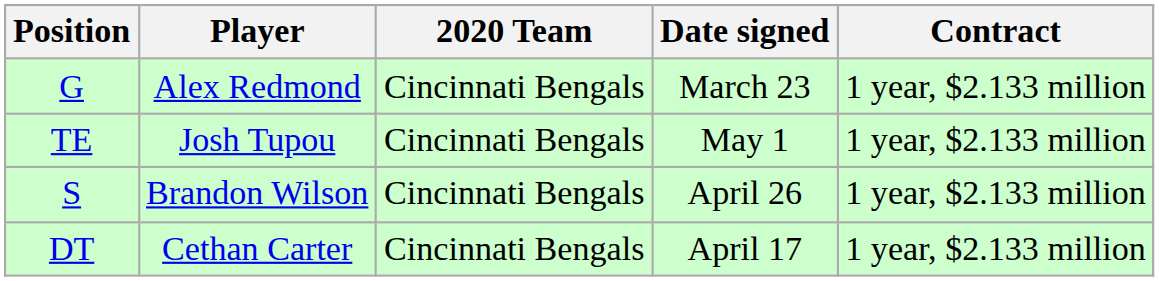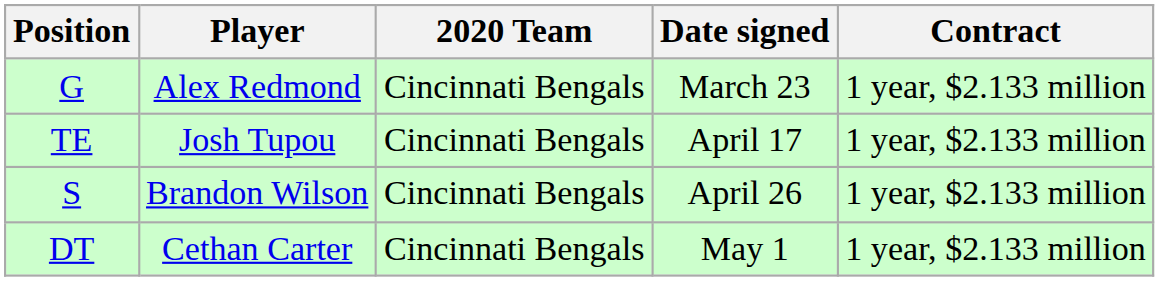 <table class="wikitable" style="text-align:center">
 <tr>
 <th>Position</th>
 <th>Player</th>
 <th>2020 Team</th>
 <th>Date signed</th>
 <th>Contract</th>
 </tr>
 <tr style="background:#cfc;">
 <td><a href='#'>G</a></td>
 <td><a href='#'>Alex Redmond</a></td>
 <td>Cincinnati Bengals</td>
 <td>March 23</td>
 <td>1 year, $2.133 million</td>
 </tr>
 <tr style="background:#cfc;">
 <td><a href='#'>TE</a></td>
 <td><a href='#'>Josh Tupou</a></td>
 <td>Cincinnati Bengals</td>
-<td>May 1</td>
+<td>April 17</td>
 <td>1 year, $2.133 million</td>
 </tr>
 <tr style="background:#cfc;">
 <td><a href='#'>S</a></td>
 <td><a href='#'>Brandon Wilson</a></td>
 <td>Cincinnati Bengals</td>
 <td>April 26</td>
 <td>1 year, $2.133 million</td>
 </tr>
 <tr style="background:#cfc;">
 <td><a href='#'>DT</a></td>
 <td><a href='#'>Cethan Carter</a></td>
 <td>Cincinnati Bengals</td>
-<td>April 17</td>
+<td>May 1</td>
 <td>1 year, $2.133 million</td>
 </tr>
 </table>
